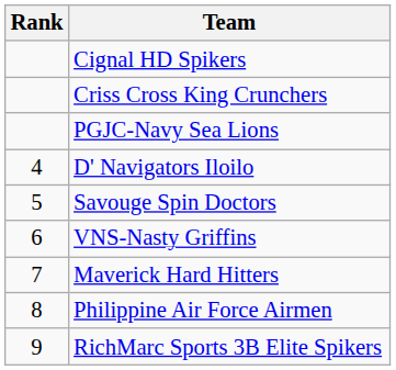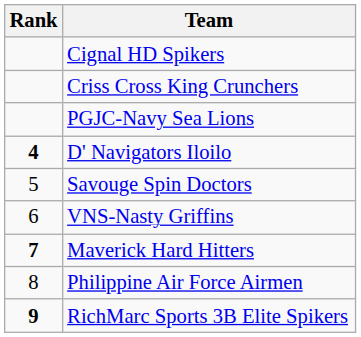 <table class="wikitable" style="text-align: center">
 <tr>
 <th width=>Rank</th>
 <th width=220>Team</th>
 </tr>
 <tr>
 <td></td>
 <td style="text-align:left"><a href='#'>Cignal HD Spikers</a></td>
 </tr>
 <tr>
 <td></td>
 <td style="text-align:left"><a href='#'>Criss Cross King Crunchers</a></td>
 </tr>
 <tr>
 <td></td>
 <td style="text-align:left"><a href='#'>PGJC-Navy Sea Lions</a></td>
 </tr>
 <tr>
-<td>4</td>
+<td><strong>4</strong></td>
 <td style="text-align:left"><a href='#'>D' Navigators Iloilo</a></td>
 </tr>
 <tr>
 <td>5</td>
 <td style="text-align:left"><a href='#'>Savouge Spin Doctors</a></td>
 </tr>
 <tr>
 <td>6</td>
 <td style="text-align:left"><a href='#'>VNS-Nasty Griffins</a></td>
 </tr>
 <tr>
-<td>7</td>
+<td><strong>7</strong></td>
 <td style="text-align:left"><a href='#'>Maverick Hard Hitters</a></td>
 </tr>
 <tr>
 <td>8</td>
 <td style="text-align:left"><a href='#'>Philippine Air Force Airmen</a></td>
 </tr>
 <tr>
-<td>9</td>
+<td><strong>9</strong></td>
 <td style="text-align:left"><a href='#'>RichMarc Sports 3B Elite Spikers</a></td>
 </tr>
 </table>
